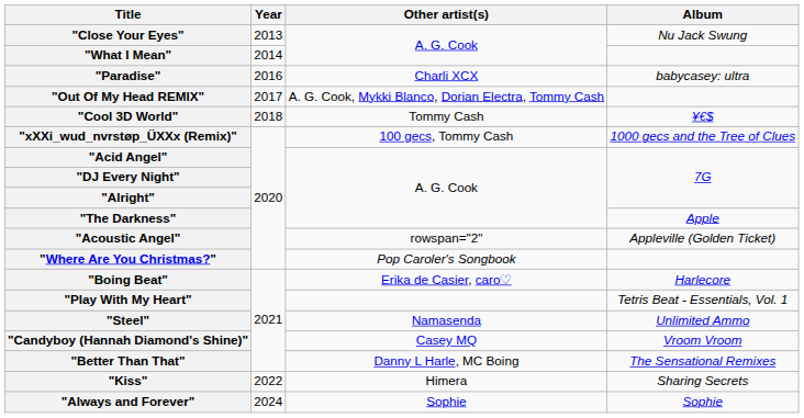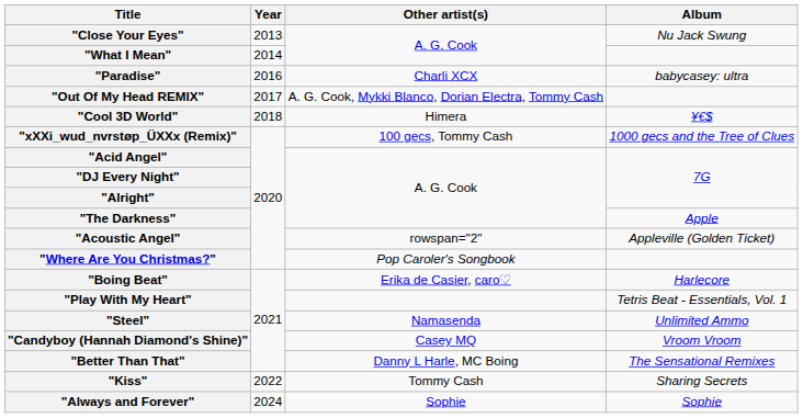 <table class="wikitable plainrowheaders" style="text-align:center">
 <tr>
 <th scope="col">Title</th>
 <th scope="col">Year</th>
 <th scope="col">Other artist(s)</th>
 <th scope="col">Album</th>
 </tr>
 <tr>
 <th scope="row">"Close Your Eyes"</th>
 <td>2013</td>
 <td rowspan="2"><a href='#'>A. G. Cook</a></td>
 <td><em>Nu Jack Swung</em></td>
 </tr>
 <tr>
 <th scope="row">"What I Mean"</th>
 <td>2014</td>
 <td></td>
 </tr>
 <tr>
 <th scope="row">"Paradise"</th>
 <td>2016</td>
 <td><a href='#'>Charli XCX</a></td>
 <td><em>babycasey: ultra</em></td>
 </tr>
 <tr>
 <th scope="row">"Out Of My Head REMIX"</th>
 <td>2017</td>
 <td>A. G. Cook, <a href='#'>Mykki Blanco</a>, <a href='#'>Dorian Electra</a>, <a href='#'>Tommy Cash</a></td>
 <td></td>
 </tr>
 <tr>
 <th scope="row">"Cool 3D World"</th>
 <td>2018</td>
-<td>Tommy Cash</td>
+<td>Himera</td>
 <td><em><a href='#'>¥€$</a></em></td>
 </tr>
 <tr>
 <th scope="row">"xXXi_wud_nvrstøp_ÜXXx (Remix)"</th>
 <td rowspan="7">2020</td>
 <td><a href='#'>100 gecs</a>, Tommy Cash</td>
 <td><em><a href='#'>1000 gecs and the Tree of Clues</a></em></td>
 </tr>
 <tr>
 <th scope="row">"Acid Angel"</th>
 <td rowspan="4">A. G. Cook</td>
 <td rowspan="3"><em><a href='#'>7G</a></em></td>
 </tr>
 <tr>
 <th scope="row">"DJ Every Night"</th>
 </tr>
 <tr>
 <th scope="row">"Alright"</th>
 </tr>
 <tr>
 <th scope="row">"The Darkness"</th>
 <td><em><a href='#'>Apple</a></em></td>
 </tr>
 <tr>
 <th scope="row">"Acoustic Angel"</th>
 <td>rowspan="2" </td>
 <td><em>Appleville (Golden Ticket)</em></td>
 </tr>
 <tr>
 <th scope="row">"<a href='#'>Where Are You Christmas?</a>"</th>
 <td><em>Pop Caroler's Songbook</em></td>
 </tr>
 <tr>
 <th scope="row">"Boing Beat"</th>
 <td rowspan="5">2021</td>
 <td><a href='#'>Erika de Casier</a>, <a href='#'>caro♡</a></td>
 <td><em><a href='#'>Harlecore</a></em></td>
 </tr>
 <tr>
 <th scope="row">"Play With My Heart"</th>
 <td></td>
 <td><em>Tetris Beat - Essentials, Vol. 1</em></td>
 </tr>
 <tr>
 <th scope="row">"Steel"</th>
 <td><a href='#'>Namasenda</a></td>
 <td><em><a href='#'>Unlimited Ammo</a></em></td>
 </tr>
 <tr>
 <th scope="row">"Candyboy (Hannah Diamond's Shine)"</th>
 <td><a href='#'>Casey MQ</a></td>
 <td><em><a href='#'>Vroom Vroom</a></em></td>
 </tr>
 <tr>
 <th scope="row">"Better Than That"</th>
 <td><a href='#'>Danny L Harle</a>, MC Boing</td>
 <td><em><a href='#'>The Sensational Remixes</a></em></td>
 </tr>
 <tr>
 <th scope="row">"Kiss"</th>
 <td>2022</td>
-<td>Himera</td>
+<td>Tommy Cash</td>
 <td><em>Sharing Secrets</em></td>
 </tr>
 <tr>
 <th scope="row">"Always and Forever"</th>
 <td>2024</td>
 <td><a href='#'>Sophie</a></td>
 <td><em><a href='#'>Sophie</a></em></td>
 </tr>
 </table>
